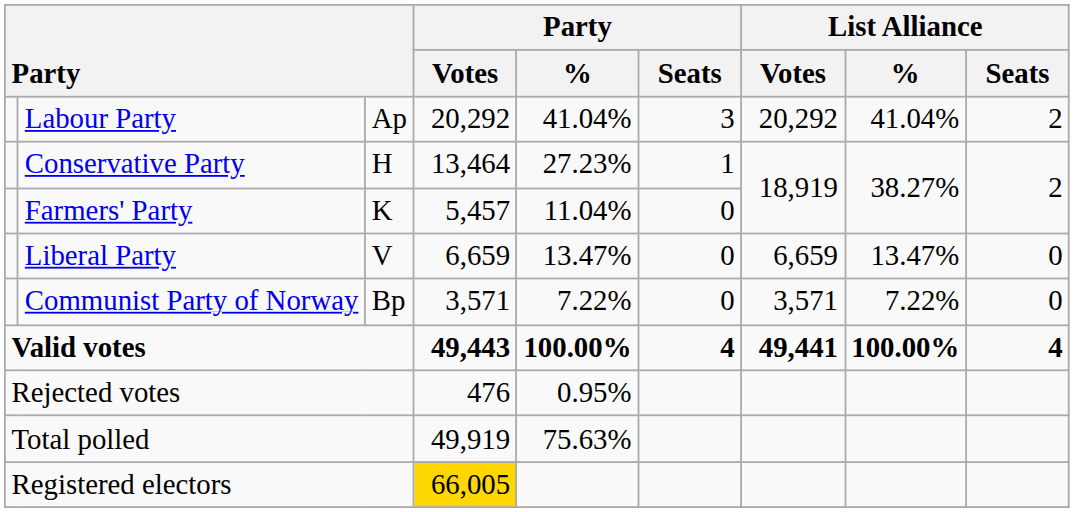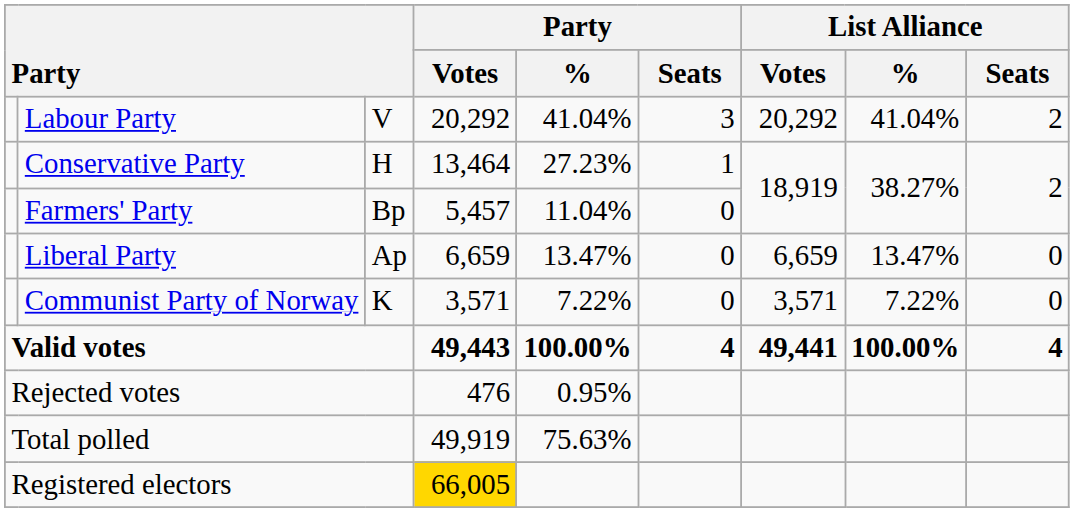 <table class="wikitable" border="1" style="text-align:right;">
 <tr>
 <th style="text-align:left;" valign=bottom rowspan=2 colspan=3>Party</th>
 <th colspan=3>Party</th>
 <th colspan=3>List Alliance</th>
 </tr>
 <tr>
 <th align=center valign=bottom width="50">Votes</th>
 <th align=center valign=bottom width="50">%</th>
 <th align=center valign=bottom width="50">Seats</th>
 <th align=center valign=bottom width="50">Votes</th>
 <th align=center valign=bottom width="50">%</th>
 <th align=center valign=bottom width="50">Seats</th>
 </tr>
 <tr>
 <td style="color:inherit;background:"></td>
 <td align=left><a href='#'>Labour Party</a></td>
-<td align=left>Ap</td>
+<td align=left>V</td>
 <td>20,292</td>
 <td>41.04%</td>
 <td>3</td>
 <td>20,292</td>
 <td>41.04%</td>
 <td>2</td>
 </tr>
 <tr>
 <td style="color:inherit;background:"></td>
 <td align=left><a href='#'>Conservative Party</a></td>
 <td align=left>H</td>
 <td>13,464</td>
 <td>27.23%</td>
 <td>1</td>
 <td rowspan=2>18,919</td>
 <td rowspan=2>38.27%</td>
 <td rowspan=2>2</td>
 </tr>
 <tr>
 <td style="color:inherit;background:"></td>
 <td align=left><a href='#'>Farmers' Party</a></td>
-<td align=left>K</td>
+<td align=left>Bp</td>
 <td>5,457</td>
 <td>11.04%</td>
 <td>0</td>
 </tr>
 <tr>
 <td style="color:inherit;background:"></td>
 <td align=left><a href='#'>Liberal Party</a></td>
-<td align=left>V</td>
+<td align=left>Ap</td>
 <td>6,659</td>
 <td>13.47%</td>
 <td>0</td>
 <td>6,659</td>
 <td>13.47%</td>
 <td>0</td>
 </tr>
 <tr>
 <td style="color:inherit;background:"></td>
 <td align=left><a href='#'>Communist Party of Norway</a></td>
-<td align=left>Bp</td>
+<td align=left>K</td>
 <td>3,571</td>
 <td>7.22%</td>
 <td>0</td>
 <td>3,571</td>
 <td>7.22%</td>
 <td>0</td>
 </tr>
 <tr style="font-weight:bold">
 <td align=left colspan=3>Valid votes</td>
 <td>49,443</td>
 <td>100.00%</td>
 <td>4</td>
 <td>49,441</td>
 <td>100.00%</td>
 <td>4</td>
 </tr>
 <tr>
 <td align=left colspan=3>Rejected votes</td>
 <td>476</td>
 <td>0.95%</td>
 <td></td>
 <td></td>
 <td></td>
 <td></td>
 </tr>
 <tr>
 <td align=left colspan=3>Total polled</td>
 <td>49,919</td>
 <td>75.63%</td>
 <td></td>
 <td></td>
 <td></td>
 <td></td>
 </tr>
 <tr>
 <td align=left colspan=3>Registered electors</td>
 <td style="background: gold;">66,005</td>
 <td></td>
 <td></td>
 <td></td>
 <td></td>
 <td></td>
 </tr>
 </table>
